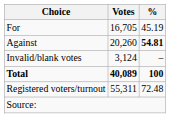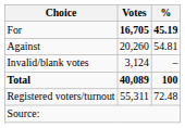 <table class=wikitable style=text-align:right>
 <tr>
 <th>Choice</th>
 <th>Votes</th>
 <th>%</th>
 </tr>
 <tr>
 <td align=left>For</td>
-<td>16,705</td>
-<td>45.19</td>
+<td><strong>16,705</strong></td>
+<td><strong>45.19</strong></td>
 </tr>
 <tr>
 <td align=left>Against</td>
 <td>20,260</td>
-<td><strong>54.81</strong></td>
+<td>54.81</td>
 </tr>
 <tr>
 <td align=left>Invalid/blank votes</td>
 <td>3,124</td>
 <td>–</td>
 </tr>
 <tr>
 <td align=left><strong>Total</strong></td>
 <td><strong>40,089</strong></td>
 <td><strong>100</strong></td>
 </tr>
 <tr>
 <td align=left>Registered voters/turnout</td>
 <td>55,311</td>
 <td>72.48</td>
 </tr>
 <tr>
 <td align=left colspan=3>Source:  </td>
 </tr>
 </table>
